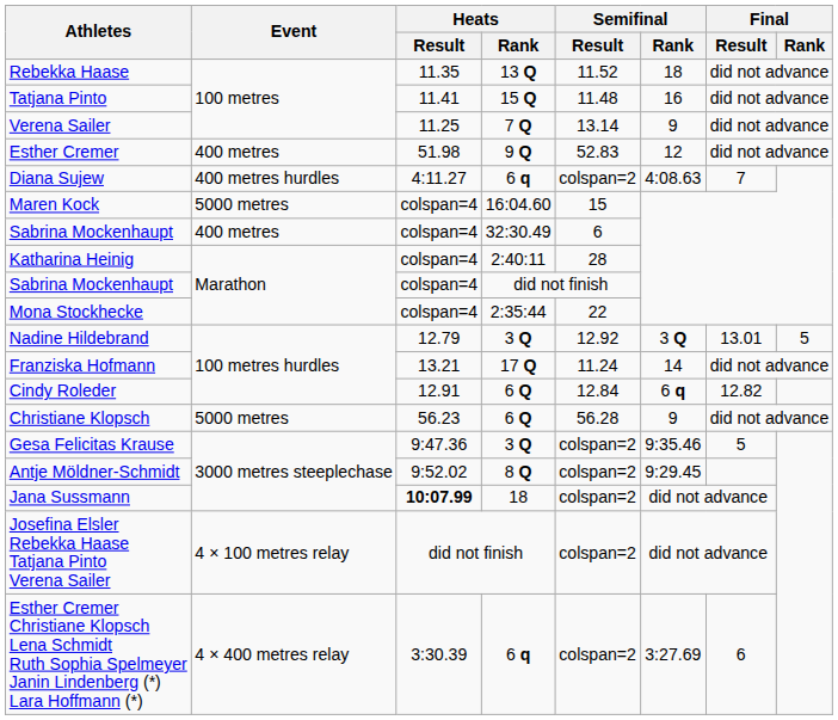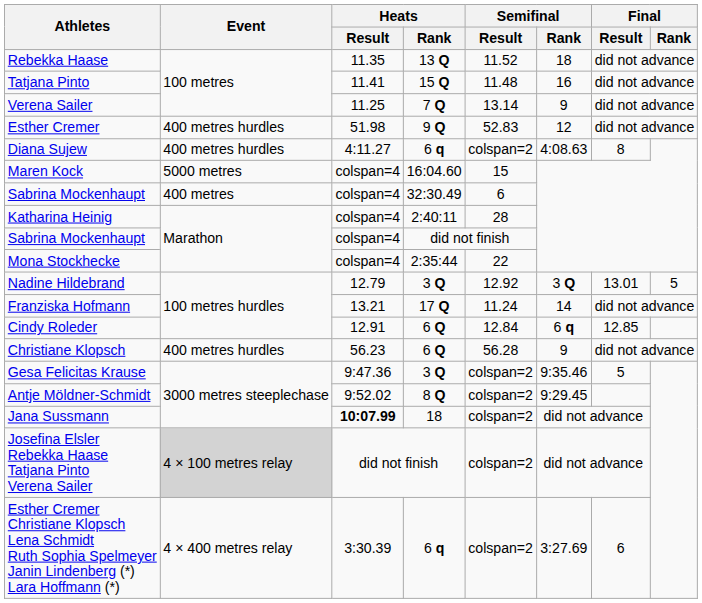 <table class="wikitable" border="1" style="font-size:90%">
 <tr>
 <th rowspan="2">Athletes</th>
 <th rowspan="2">Event</th>
 <th colspan="2">Heats</th>
 <th colspan="2">Semifinal</th>
 <th colspan="2">Final</th>
 </tr>
 <tr>
 <th>Result</th>
 <th>Rank</th>
 <th>Result</th>
 <th>Rank</th>
 <th>Result</th>
 <th>Rank</th>
 </tr>
 <tr>
 <td><a href='#'>Rebekka Haase</a></td>
 <td rowspan=3>100 metres</td>
 <td align=center>11.35</td>
 <td align=center>13 <strong>Q</strong></td>
 <td align=center>11.52</td>
 <td align=center>18</td>
 <td align=center colspan=2>did not advance</td>
 </tr>
 <tr>
 <td><a href='#'>Tatjana Pinto</a></td>
 <td align=center>11.41</td>
 <td align=center>15 <strong>Q</strong></td>
 <td align=center>11.48</td>
 <td align=center>16</td>
 <td align=center colspan=2>did not advance</td>
 </tr>
 <tr>
 <td><a href='#'>Verena Sailer</a></td>
 <td align=center>11.25</td>
 <td align=center>7 <strong>Q</strong></td>
 <td align=center>13.14</td>
 <td align=center>9</td>
 <td align=center colspan=2>did not advance</td>
 </tr>
 <tr>
 <td><a href='#'>Esther Cremer</a></td>
-<td>400 metres</td>
+<td>400 metres hurdles</td>
 <td align=center>51.98</td>
 <td align=center>9 <strong>Q</strong></td>
 <td align=center>52.83</td>
 <td align=center>12</td>
 <td align=center colspan=2>did not advance</td>
 </tr>
 <tr>
 <td><a href='#'>Diana Sujew</a></td>
 <td>400 metres hurdles</td>
 <td align=center>4:11.27</td>
 <td align=center>6 <strong>q</strong></td>
 <td>colspan=2 </td>
 <td align=center>4:08.63</td>
-<td align=center>7</td>
+<td align=center>8</td>
 </tr>
 <tr>
 <td><a href='#'>Maren Kock</a></td>
 <td>5000 metres</td>
 <td>colspan=4 </td>
 <td align=center>16:04.60</td>
 <td align=center>15</td>
 </tr>
 <tr>
 <td><a href='#'>Sabrina Mockenhaupt</a></td>
 <td>400 metres</td>
 <td>colspan=4 </td>
 <td align=center>32:30.49</td>
 <td align=center>6</td>
 </tr>
 <tr>
 <td><a href='#'>Katharina Heinig</a></td>
 <td rowspan=3>Marathon</td>
 <td>colspan=4 </td>
 <td align=center>2:40:11</td>
 <td align=center>28</td>
 </tr>
 <tr>
 <td><a href='#'>Sabrina Mockenhaupt</a></td>
 <td>colspan=4 </td>
 <td align=center colspan=2>did not finish</td>
 </tr>
 <tr>
 <td><a href='#'>Mona Stockhecke</a></td>
 <td>colspan=4 </td>
 <td align=center>2:35:44</td>
 <td align=center>22</td>
 </tr>
 <tr>
 <td><a href='#'>Nadine Hildebrand</a></td>
 <td rowspan=3>100 metres hurdles</td>
 <td align=center>12.79</td>
 <td align=center>3 <strong>Q</strong></td>
 <td align=center>12.92</td>
 <td align=center>3 <strong>Q</strong></td>
 <td align=center>13.01</td>
 <td align=center>5</td>
 </tr>
 <tr>
 <td><a href='#'>Franziska Hofmann</a></td>
 <td align=center>13.21</td>
 <td align=center>17 <strong>Q</strong></td>
 <td align=center>11.24</td>
 <td align=center>14</td>
 <td align=center colspan=2>did not advance</td>
 </tr>
 <tr>
 <td><a href='#'>Cindy Roleder</a></td>
 <td align=center>12.91</td>
 <td align=center>6 <strong>Q</strong></td>
 <td align=center>12.84</td>
 <td align=center>6 <strong>q</strong></td>
-<td align=center>12.82</td>
+<td align=center>12.85</td>
 <td align=center></td>
 </tr>
 <tr>
 <td><a href='#'>Christiane Klopsch</a></td>
-<td>5000 metres</td>
+<td>400 metres hurdles</td>
 <td align=center>56.23</td>
 <td align=center>6 <strong>Q</strong></td>
 <td align=center>56.28</td>
 <td align=center>9</td>
 <td align=center colspan=2>did not advance</td>
 </tr>
 <tr>
 <td><a href='#'>Gesa Felicitas Krause</a></td>
 <td rowspan=3>3000 metres steeplechase</td>
 <td align=center>9:47.36</td>
 <td align=center>3 <strong>Q</strong></td>
 <td>colspan=2 </td>
 <td align=center>9:35.46</td>
 <td align=center>5</td>
 </tr>
 <tr>
 <td><a href='#'>Antje Möldner-Schmidt</a></td>
 <td align=center>9:52.02</td>
 <td align=center>8 <strong>Q</strong></td>
 <td>colspan=2 </td>
 <td align=center>9:29.45</td>
 <td align=center></td>
 </tr>
 <tr>
 <td><a href='#'>Jana Sussmann</a></td>
 <td align=center><strong>10:07.99</strong></td>
 <td align=center>18</td>
 <td>colspan=2 </td>
 <td align=center colspan=2>did not advance</td>
 </tr>
 <tr>
 <td><a href='#'>Josefina Elsler</a><br><a href='#'>Rebekka Haase</a><br><a href='#'>Tatjana Pinto</a><br><a href='#'>Verena Sailer</a></td>
-<td>4 × 100 metres relay</td>
+<td style="background: lightgrey;">4 × 100 metres relay</td>
 <td align=center colspan=2>did not finish</td>
 <td>colspan=2 </td>
 <td align=center colspan=2>did not advance</td>
 </tr>
 <tr>
 <td><a href='#'>Esther Cremer</a><br><a href='#'>Christiane Klopsch</a><br><a href='#'>Lena Schmidt</a><br><a href='#'>Ruth Sophia Spelmeyer</a><br><a href='#'>Janin Lindenberg</a> (*)<br><a href='#'>Lara Hoffmann</a> (*)</td>
 <td>4 × 400 metres relay</td>
 <td align=center>3:30.39</td>
 <td align=center>6 <strong>q</strong></td>
 <td>colspan=2 </td>
 <td align=center>3:27.69</td>
 <td align=center>6</td>
 </tr>
 </table>
